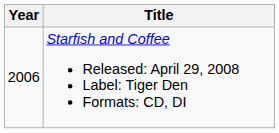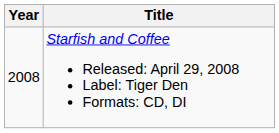 <table class="wikitable">
 <tr>
 <th>Year</th>
 <th width="250">Title</th>
 </tr>
 <tr>
-<td>2006</td>
+<td>2008</td>
 <td><em><a href='#'>Starfish and Coffee</a></em><br><ul><li>Released: April 29, 2008</li><li>Label: Tiger Den</li><li>Formats: CD, DI</li></ul></td>
 </tr>
 </table>
